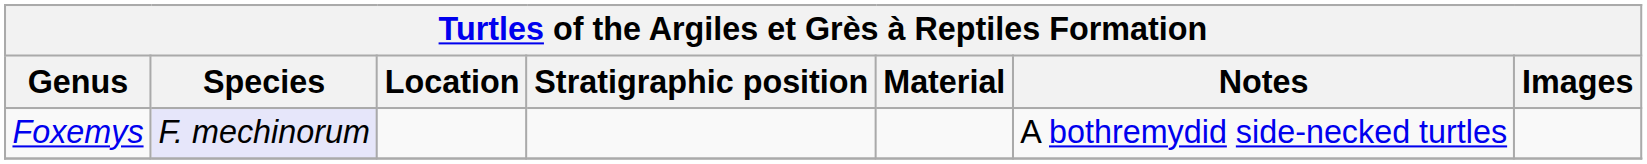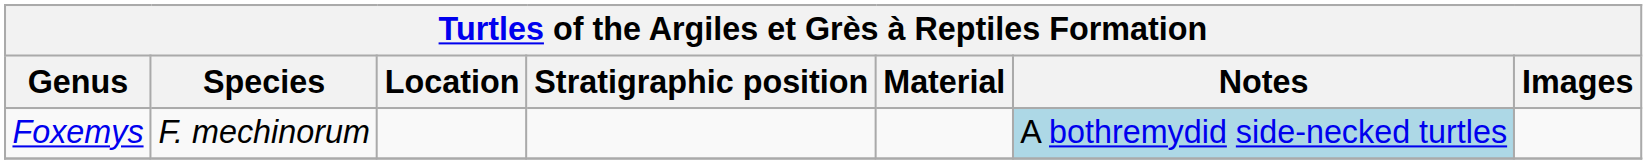 <table class="wikitable" align="center">
 <tr>
 <th colspan="7" align="center"><a href='#'>Turtles</a> of the Argiles et Grès à Reptiles Formation</th>
 </tr>
 <tr>
 <th>Genus</th>
 <th>Species</th>
 <th>Location</th>
 <th>Stratigraphic position</th>
 <th>Material</th>
 <th>Notes</th>
 <th>Images</th>
 </tr>
 <tr>
 <td><em><a href='#'>Foxemys</a></em></td>
-<td style="background: lavender;"><em>F. mechinorum</em></td>
+<td><em>F. mechinorum</em></td>
 <td></td>
 <td></td>
 <td></td>
-<td>A <a href='#'>bothremydid</a> <a href='#'>side-necked turtles</a></td>
+<td style="background: lightblue;">A <a href='#'>bothremydid</a> <a href='#'>side-necked turtles</a></td>
 <td></td>
 </tr>
 <tr>
 </tr>
 </table>
